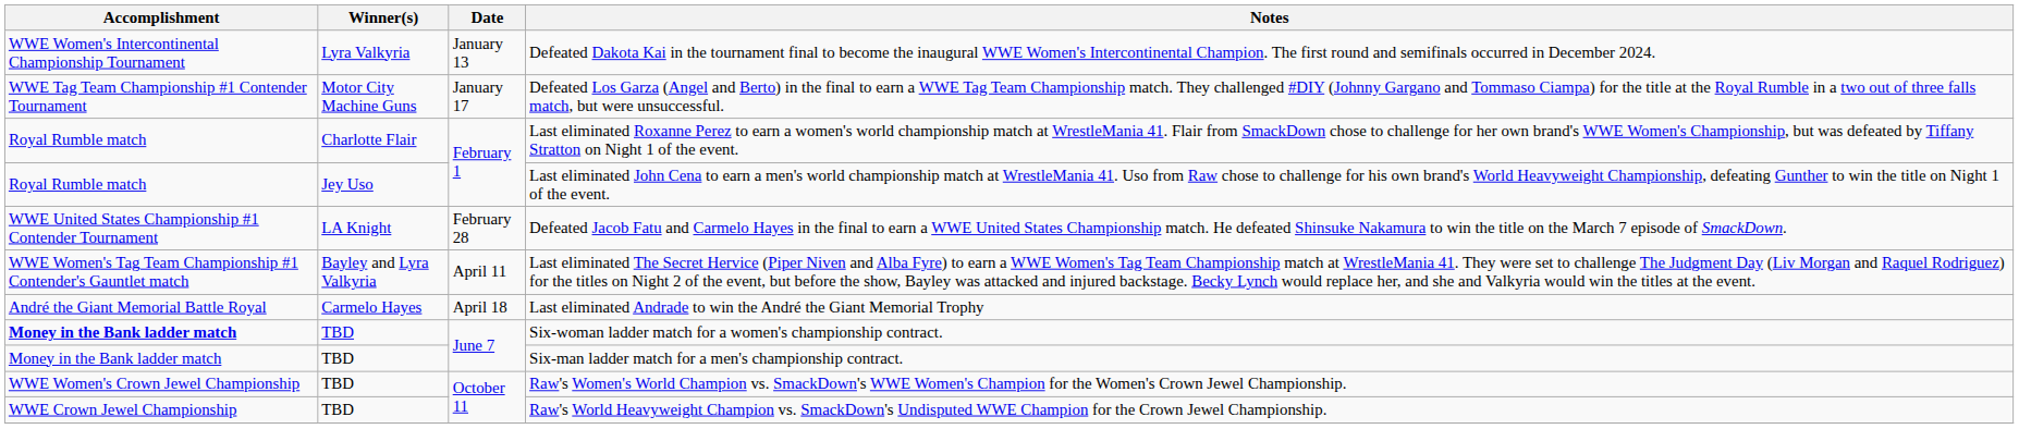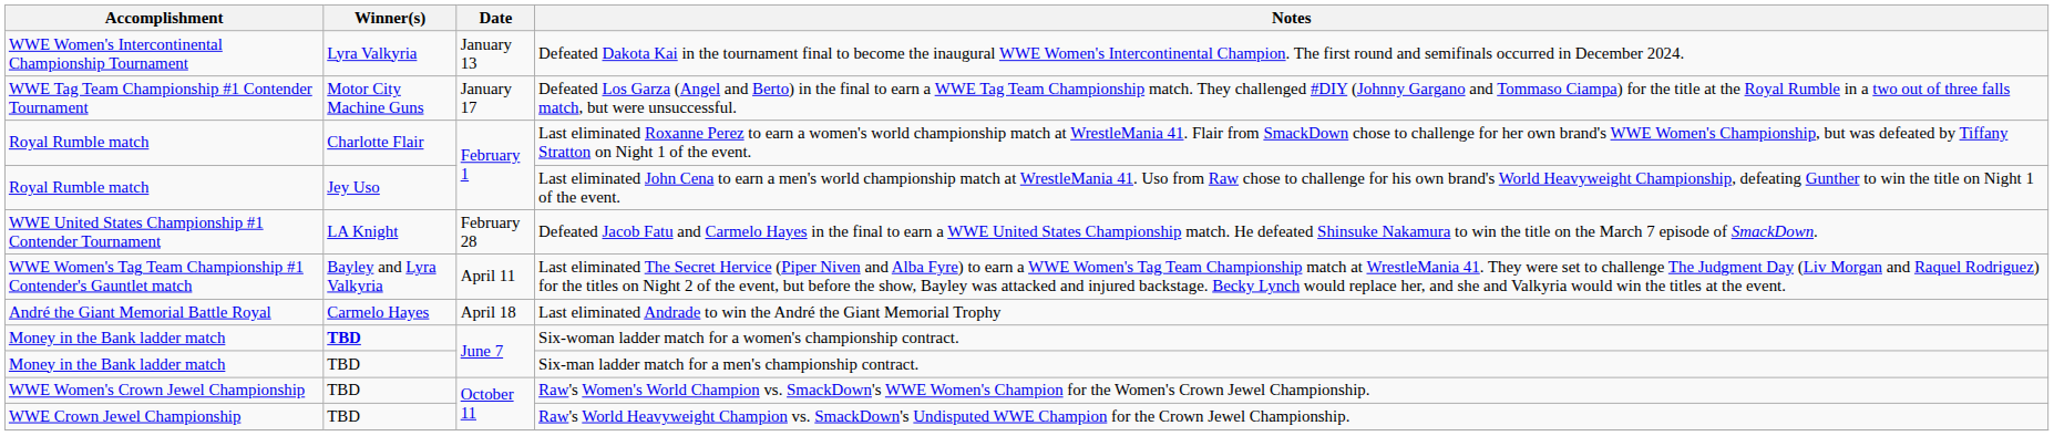 <table class="wikitable" style="width:100%;">
 <tr>
 <th>Accomplishment</th>
 <th>Winner(s)</th>
 <th>Date</th>
 <th>Notes</th>
 </tr>
 <tr>
 <td><a href='#'>WWE Women's Intercontinental Championship Tournament</a></td>
 <td><a href='#'>Lyra Valkyria</a></td>
 <td>January 13</td>
 <td>Defeated <a href='#'>Dakota Kai</a> in the tournament final to become the inaugural <a href='#'>WWE Women's Intercontinental Champion</a>. The first round and semifinals occurred in December 2024.</td>
 </tr>
 <tr>
 <td><a href='#'>WWE Tag Team Championship #1 Contender Tournament</a></td>
 <td><a href='#'>Motor City Machine Guns</a><br></td>
 <td>January 17</td>
 <td>Defeated <a href='#'>Los Garza</a> (<a href='#'>Angel</a> and <a href='#'>Berto</a>) in the final to earn a <a href='#'>WWE Tag Team Championship</a> match. They challenged <a href='#'>#DIY</a> (<a href='#'>Johnny Gargano</a> and <a href='#'>Tommaso Ciampa</a>) for the title at the <a href='#'>Royal Rumble</a> in a <a href='#'>two out of three falls match</a>, but were unsuccessful.</td>
 </tr>
 <tr>
 <td><a href='#'>Royal Rumble match</a><br></td>
 <td><a href='#'>Charlotte Flair</a></td>
 <td rowspan=2><a href='#'>February 1</a></td>
 <td>Last eliminated <a href='#'>Roxanne Perez</a> to earn a women's world championship match at <a href='#'>WrestleMania 41</a>. Flair from <a href='#'>SmackDown</a> chose to challenge for her own brand's <a href='#'>WWE Women's Championship</a>, but was defeated by <a href='#'>Tiffany Stratton</a> on Night 1 of the event.</td>
 </tr>
 <tr>
 <td><a href='#'>Royal Rumble match</a><br></td>
 <td><a href='#'>Jey Uso</a></td>
 <td>Last eliminated <a href='#'>John Cena</a> to earn a men's world championship match at <a href='#'>WrestleMania 41</a>. Uso from <a href='#'>Raw</a> chose to challenge for his own brand's <a href='#'>World Heavyweight Championship</a>, defeating <a href='#'>Gunther</a> to win the title on Night 1 of the event.</td>
 </tr>
 <tr>
 <td><a href='#'>WWE United States Championship #1 Contender Tournament</a></td>
 <td><a href='#'>LA Knight</a></td>
 <td>February 28</td>
 <td>Defeated <a href='#'>Jacob Fatu</a> and <a href='#'>Carmelo Hayes</a> in the final to earn a <a href='#'>WWE United States Championship</a> match. He defeated <a href='#'>Shinsuke Nakamura</a> to win the title on the March 7 episode of <em><a href='#'>SmackDown</a></em>.</td>
 </tr>
 <tr>
 <td><a href='#'>WWE Women's Tag Team Championship #1 Contender's Gauntlet match</a></td>
 <td><a href='#'>Bayley</a> and <a href='#'>Lyra Valkyria</a></td>
 <td>April 11</td>
 <td>Last eliminated <a href='#'>The Secret Hervice</a> (<a href='#'>Piper Niven</a> and <a href='#'>Alba Fyre</a>) to earn a <a href='#'>WWE Women's Tag Team Championship</a> match at <a href='#'>WrestleMania 41</a>. They were set to challenge <a href='#'>The Judgment Day</a> (<a href='#'>Liv Morgan</a> and <a href='#'>Raquel Rodriguez</a>) for the titles on Night 2 of the event, but before the show, Bayley was attacked and injured backstage. <a href='#'>Becky Lynch</a> would replace her, and she and Valkyria would win the titles at the event.</td>
 </tr>
 <tr>
 <td><a href='#'>André the Giant Memorial Battle Royal</a></td>
 <td><a href='#'>Carmelo Hayes</a></td>
 <td>April 18</td>
 <td>Last eliminated <a href='#'>Andrade</a> to win the André the Giant Memorial Trophy</td>
 </tr>
 <tr>
-<td><strong><a href='#'>Money in the Bank ladder match</a><br></strong></td>
-<td><a href='#'>TBD</a></td>
+<td><a href='#'>Money in the Bank ladder match</a><br></td>
+<td><strong><a href='#'>TBD</a></strong></td>
 <td rowspan=2><a href='#'>June 7</a></td>
 <td>Six-woman ladder match for a women's championship contract.</td>
 </tr>
 <tr>
 <td><a href='#'>Money in the Bank ladder match</a><br></td>
 <td>TBD</td>
 <td>Six-man ladder match for a men's championship contract.</td>
 </tr>
 <tr>
 <td><a href='#'>WWE Women's Crown Jewel Championship</a></td>
 <td>TBD</td>
 <td rowspan=2><a href='#'>October 11</a></td>
 <td><a href='#'>Raw</a>'s <a href='#'>Women's World Champion</a> vs. <a href='#'>SmackDown</a>'s <a href='#'>WWE Women's Champion</a> for the Women's Crown Jewel Championship.</td>
 </tr>
 <tr>
 <td><a href='#'>WWE Crown Jewel Championship</a></td>
 <td>TBD</td>
 <td><a href='#'>Raw</a>'s <a href='#'>World Heavyweight Champion</a> vs. <a href='#'>SmackDown</a>'s <a href='#'>Undisputed WWE Champion</a> for the Crown Jewel Championship.</td>
 </tr>
 <tr>
 </tr>
 </table>
